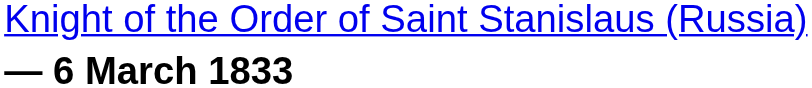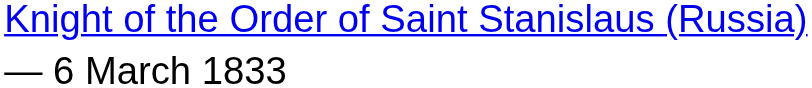 <table>
 <tr>
 <td rowspan=2 style="width:60px; vertical-align:top;"></td>
 <td><a href='#'>Knight of the Order of Saint Stanislaus (Russia)</a></td>
 </tr>
 <tr>
-<td><strong>— 6 March 1833</strong></td>
+<td>— 6 March 1833</td>
 </tr>
 </table>
